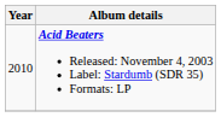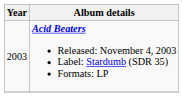 <table class ="wikitable">
 <tr>
 <th>Year</th>
 <th>Album details</th>
 </tr>
 <tr>
-<td>2010</td>
+<td>2003</td>
 <td><strong><em><a href='#'>Acid Beaters</a></em></strong><br><ul><li>Released: November 4, 2003</li><li>Label: <a href='#'>Stardumb</a> (SDR 35)</li><li>Formats: LP</li></ul></td>
 </tr>
 <tr>
 </tr>
 </table>
